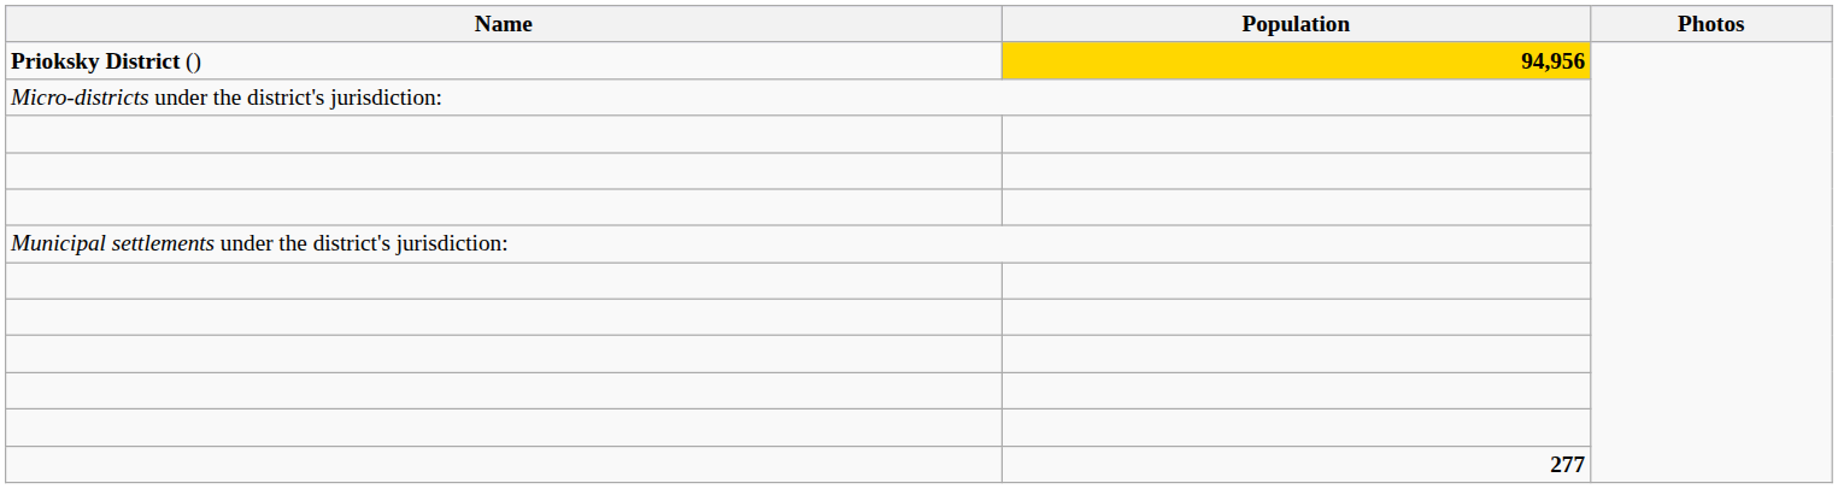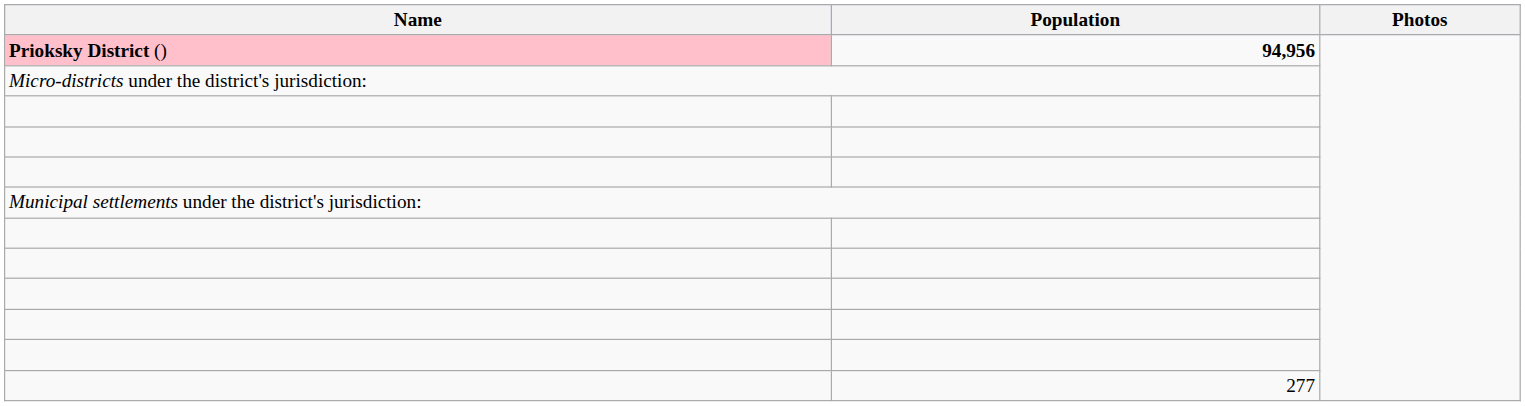 <table width=100% class="wikitable">
 <tr bgcolor="#CCCCFF" align="left">
 <th>Name</th>
 <th>Population</th>
 <th>Photos</th>
 </tr>
 <tr valign="top">
-<td><strong>Prioksky District</strong> ()</td>
-<td align="right" style="background: gold;"><strong>94,956</strong></td>
+<td style="background: pink;"><strong>Prioksky District</strong> ()</td>
+<td align="right"><strong>94,956</strong></td>
 <td rowspan=12></td>
 </tr>
 <tr valign="top">
 <td colspan=2><em>Micro-districts</em> under the district's jurisdiction:</td>
 </tr>
 <tr>
 <td><br></td>
 <td align="right"></td>
 </tr>
 <tr>
 <td><br></td>
 <td align="right"></td>
 </tr>
 <tr>
 <td><br></td>
 <td align="right"></td>
 </tr>
 <tr valign="top">
 <td colspan=2><em>Municipal settlements</em> under the district's jurisdiction:</td>
 </tr>
 <tr>
 <td><br></td>
 <td align="right"></td>
 </tr>
 <tr>
 <td><br></td>
 <td align="right"></td>
 </tr>
 <tr>
 <td><br></td>
 <td align="right"></td>
 </tr>
 <tr>
 <td><br></td>
 <td align="right"></td>
 </tr>
 <tr>
 <td><br></td>
 <td align="right"></td>
 </tr>
 <tr>
 <td><br></td>
-<td align="right"><strong>277</strong></td>
+<td align="right">277</td>
 </tr>
 </table>
